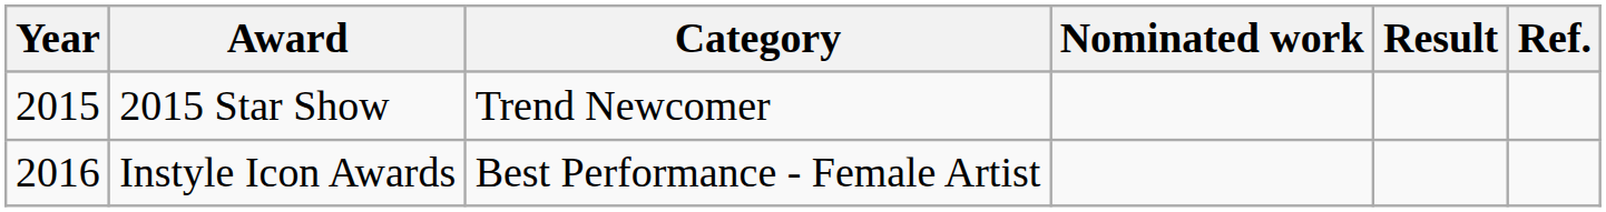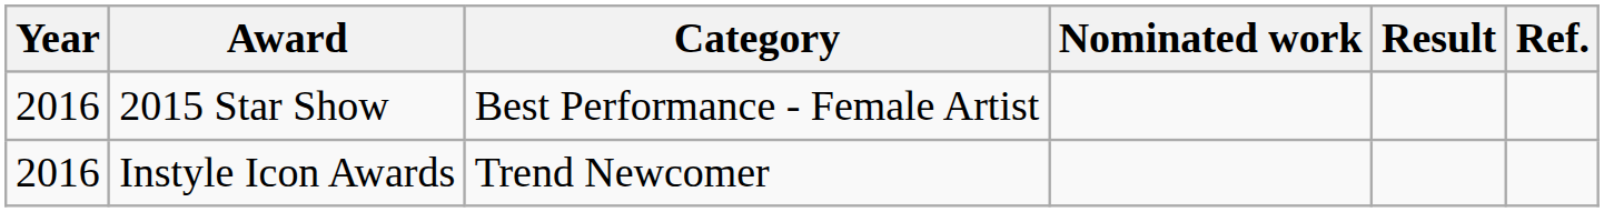 <table class="wikitable">
 <tr>
 <th width=10>Year</th>
 <th>Award</th>
 <th>Category</th>
 <th>Nominated work</th>
 <th>Result</th>
 <th>Ref.</th>
 </tr>
 <tr>
-<td>2015</td>
+<td>2016</td>
 <td>2015 Star Show</td>
-<td>Trend Newcomer</td>
+<td>Best Performance - Female Artist</td>
 <td></td>
 <td></td>
 <td></td>
 </tr>
 <tr>
 <td>2016</td>
 <td>Instyle Icon Awards</td>
-<td>Best Performance - Female Artist</td>
+<td>Trend Newcomer</td>
 <td></td>
 <td></td>
 <td></td>
 </tr>
 </table>
